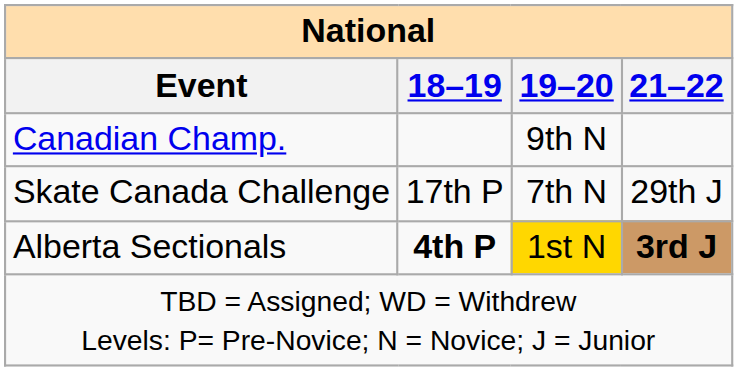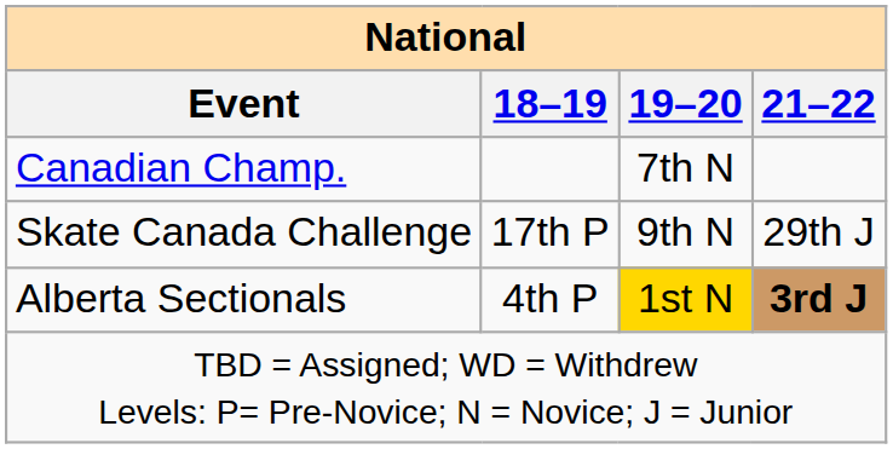 <table class="wikitable" style="text-align:center">
 <tr>
 <th style="background-color: #ffdead; " colspan=4 align=center>National</th>
 </tr>
 <tr>
 <th>Event</th>
 <th><a href='#'>18–19</a></th>
 <th><a href='#'>19–20</a></th>
 <th><a href='#'>21–22</a></th>
 </tr>
 <tr>
 <td align="left"><a href='#'>Canadian Champ.</a></td>
 <td></td>
-<td>9th N</td>
+<td>7th N</td>
 <td></td>
 </tr>
 <tr>
 <td align="left">Skate Canada Challenge</td>
 <td>17th P</td>
-<td>7th N</td>
+<td>9th N</td>
 <td>29th J</td>
 </tr>
 <tr>
 <td align="left">Alberta Sectionals</td>
-<td><strong>4th P</strong></td>
+<td>4th P</td>
 <td bgcolor=gold>1st N</td>
 <td bgcolor=cc9966><strong>3rd J</strong></td>
 </tr>
 <tr>
 <td colspan="8" align="center"><small> TBD = Assigned; WD = Withdrew <br> Levels: P= Pre-Novice; N = Novice; J = Junior </small></td>
 </tr>
 </table>
